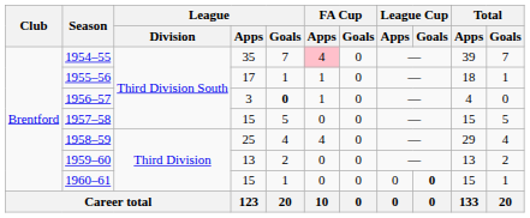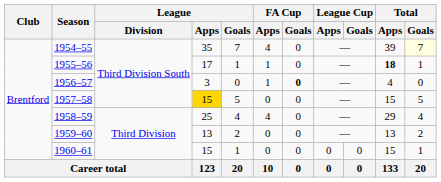 <table class="wikitable" style="text-align: center;">
 <tr>
 <th rowspan="2">Club</th>
 <th rowspan="2">Season</th>
 <th colspan="3">League</th>
 <th colspan="2">FA Cup</th>
 <th colspan="2">League Cup</th>
 <th colspan="2">Total</th>
 </tr>
 <tr>
 <th>Division</th>
 <th>Apps</th>
 <th>Goals</th>
 <th>Apps</th>
 <th>Goals</th>
 <th>Apps</th>
 <th>Goals</th>
 <th>Apps</th>
 <th>Goals</th>
 </tr>
 <tr>
 <td rowspan="7"><a href='#'>Brentford</a></td>
 <td><a href='#'>1954–55</a></td>
 <td rowspan="4"><a href='#'>Third Division South</a></td>
 <td>35</td>
 <td>7</td>
-<td style="background: pink;">4</td>
+<td>4</td>
 <td>0</td>
 <td colspan="2">—</td>
 <td>39</td>
-<td>7</td>
+<td style="background: lightyellow;">7</td>
 </tr>
 <tr>
 <td><a href='#'>1955–56</a></td>
 <td>17</td>
 <td>1</td>
 <td>1</td>
 <td>0</td>
 <td colspan="2">—</td>
-<td>18</td>
+<td><strong>18</strong></td>
 <td>1</td>
 </tr>
 <tr>
 <td><a href='#'>1956–57</a></td>
 <td>3</td>
+<td>0</td>
+<td>1</td>
 <td><strong>0</strong></td>
-<td>1</td>
-<td>0</td>
 <td colspan="2">—</td>
 <td>4</td>
 <td>0</td>
 </tr>
 <tr>
 <td><a href='#'>1957–58</a></td>
-<td>15</td>
+<td style="background: gold;">15</td>
 <td>5</td>
 <td>0</td>
 <td>0</td>
 <td colspan="2">—</td>
 <td>15</td>
 <td>5</td>
 </tr>
 <tr>
 <td><a href='#'>1958–59</a></td>
 <td rowspan="3"><a href='#'>Third Division</a></td>
 <td>25</td>
 <td>4</td>
 <td>4</td>
 <td>0</td>
 <td colspan="2">—</td>
 <td>29</td>
 <td>4</td>
 </tr>
 <tr>
 <td><a href='#'>1959–60</a></td>
 <td>13</td>
 <td>2</td>
 <td>0</td>
 <td>0</td>
 <td colspan="2">—</td>
 <td>13</td>
 <td>2</td>
 </tr>
 <tr>
 <td><a href='#'>1960–61</a></td>
 <td>15</td>
 <td>1</td>
 <td>0</td>
 <td>0</td>
 <td>0</td>
-<td><strong>0</strong></td>
+<td>0</td>
 <td>15</td>
 <td>1</td>
 </tr>
 <tr>
 <th colspan="3">Career total</th>
 <th>123</th>
 <th>20</th>
 <th>10</th>
 <th>0</th>
 <th>0</th>
 <th>0</th>
 <th>133</th>
 <th>20</th>
 </tr>
 </table>
